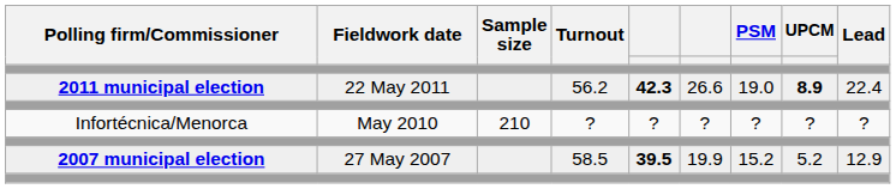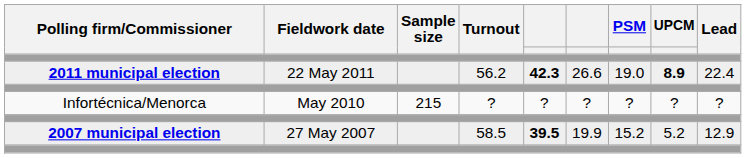 <table class="wikitable collapsible collapsed" style="text-align:center; font-size:95%; line-height:16px;">
 <tr style="height:42px;">
 <th style="width:250px;" rowspan="2">Polling firm/Commissioner</th>
 <th style="width:125px;" rowspan="2">Fieldwork date</th>
 <th style="width:50px;" rowspan="2">Sample size</th>
 <th style="width:45px;" rowspan="2">Turnout</th>
 <th style="width:35px;"></th>
 <th style="width:35px;"></th>
 <th style="width:35px;"><a href='#'>PSM</a></th>
 <th style="width:35px; font-size:90%;">UPCM</th>
 <th style="width:30px;" rowspan="2">Lead</th>
 </tr>
 <tr>
 <th style="color:inherit;background:"></th>
 <th style="color:inherit;background:"></th>
 <th style="color:inherit;background:"></th>
 <th style="color:inherit;background:"></th>
 </tr>
 <tr>
 <td colspan="9" style="background:#A0A0A0"></td>
 </tr>
 <tr style="background:#EFEFEF;">
 <td><strong><a href='#'>2011 municipal election</a></strong></td>
 <td>22 May 2011</td>
 <td></td>
 <td>56.2</td>
 <td><strong>42.3</strong><br></td>
 <td>26.6<br></td>
 <td>19.0<br></td>
 <td><strong>8.9<br></strong></td>
 <td style="background:">22.4</td>
 </tr>
 <tr>
 <td colspan="9" style="background:#A0A0A0"></td>
 </tr>
 <tr>
 <td>Infortécnica/Menorca</td>
 <td>May 2010</td>
-<td>210</td>
+<td>215</td>
 <td>?</td>
 <td>?<br></td>
 <td>?<br></td>
 <td>?<br></td>
 <td>?<br></td>
 <td style="background:">?</td>
 </tr>
 <tr>
 <td colspan="9" style="background:#A0A0A0"></td>
 </tr>
 <tr style="background:#EFEFEF;">
 <td><strong><a href='#'>2007 municipal election</a></strong></td>
 <td>27 May 2007</td>
 <td></td>
 <td>58.5</td>
 <td><strong>39.5</strong><br></td>
 <td>19.9<br></td>
 <td>15.2<br></td>
 <td>5.2<br></td>
 <td style="background:">12.9</td>
 </tr>
 <tr>
 <td colspan="9" style="background:#A0A0A0"></td>
 </tr>
 </table>
